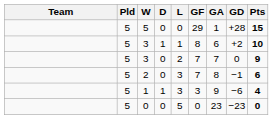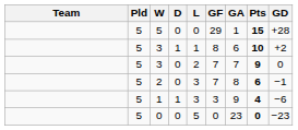 <table class=wikitable style="text-align:center">
 <tr>
 <th width=175>Team</th>
 <th width=20>Pld</th>
 <th width=20>W</th>
 <th width=20>D</th>
 <th width=20>L</th>
 <th width=20>GF</th>
 <th width=20>GA</th>
+<th width=20>Pts</th>
 <th width=20>GD</th>
-<th width=20>Pts</th>
 </tr>
 <tr>
 <td style="text-align:left"></td>
 <td>5</td>
 <td>5</td>
 <td>0</td>
 <td>0</td>
 <td>29</td>
 <td>1</td>
+<td><strong>15</strong></td>
 <td>+28</td>
-<td><strong>15</strong></td>
 </tr>
 <tr>
 <td style="text-align:left"></td>
 <td>5</td>
 <td>3</td>
 <td>1</td>
 <td>1</td>
 <td>8</td>
 <td>6</td>
+<td><strong>10</strong></td>
 <td>+2</td>
-<td><strong>10</strong></td>
 </tr>
 <tr>
 <td style="text-align:left"></td>
 <td>5</td>
 <td>3</td>
 <td>0</td>
 <td>2</td>
 <td>7</td>
 <td>7</td>
+<td><strong>9</strong></td>
 <td>0</td>
-<td><strong>9</strong></td>
 </tr>
 <tr>
 <td style="text-align:left"></td>
 <td>5</td>
 <td>2</td>
 <td>0</td>
 <td>3</td>
 <td>7</td>
 <td>8</td>
+<td><strong>6</strong></td>
 <td>−1</td>
-<td><strong>6</strong></td>
 </tr>
 <tr>
 <td style="text-align:left"></td>
 <td>5</td>
 <td>1</td>
 <td>1</td>
 <td>3</td>
 <td>3</td>
 <td>9</td>
+<td><strong>4</strong></td>
 <td>−6</td>
-<td><strong>4</strong></td>
 </tr>
 <tr>
 <td style="text-align:left"></td>
 <td>5</td>
 <td>0</td>
 <td>0</td>
 <td>5</td>
 <td>0</td>
 <td>23</td>
+<td><strong>0</strong></td>
 <td>−23</td>
-<td><strong>0</strong></td>
 </tr>
 </table>
